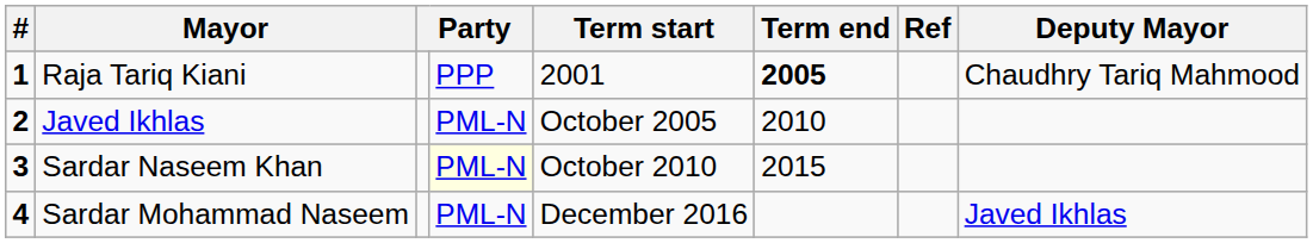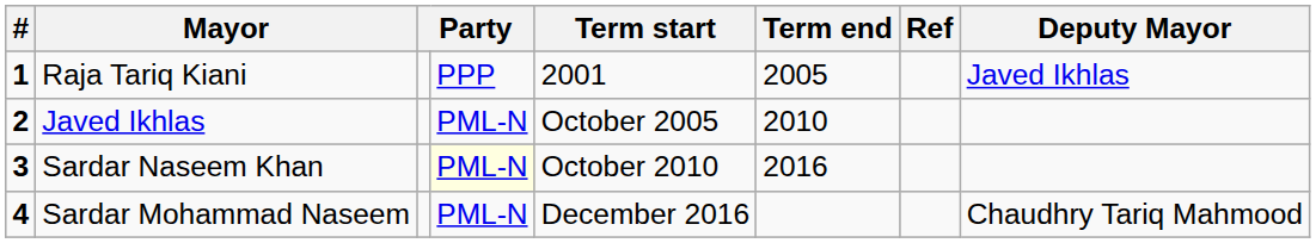 <table class="wikitable">
 <tr>
 <th>#</th>
 <th>Mayor</th>
 <th colspan="2">Party</th>
 <th>Term start</th>
 <th>Term end</th>
 <th>Ref</th>
 <th>Deputy Mayor</th>
 </tr>
 <tr>
 <td><strong>1</strong></td>
 <td>Raja Tariq Kiani</td>
 <td style="background-color: "></td>
 <td><a href='#'>PPP</a></td>
 <td>2001</td>
-<td><strong>2005</strong></td>
+<td>2005</td>
 <td></td>
-<td>Chaudhry Tariq Mahmood</td>
+<td><a href='#'>Javed Ikhlas</a></td>
 </tr>
 <tr>
 <td><strong>2</strong></td>
 <td><a href='#'>Javed Ikhlas</a></td>
 <td style="background-color: "></td>
 <td><a href='#'>PML-N</a></td>
 <td>October 2005</td>
 <td>2010</td>
 <td></td>
 <td></td>
 </tr>
 <tr>
 <td><strong>3</strong></td>
 <td>Sardar Naseem Khan</td>
 <td style="background-color: "></td>
 <td style="background: lightyellow;"><a href='#'>PML-N</a></td>
 <td>October 2010</td>
-<td>2015</td>
+<td>2016</td>
 <td></td>
 <td></td>
 </tr>
 <tr>
 <td><strong>4</strong></td>
 <td>Sardar Mohammad Naseem</td>
 <td style="background-color: "></td>
 <td><a href='#'>PML-N</a></td>
 <td>December 2016</td>
 <td></td>
 <td></td>
-<td><a href='#'>Javed Ikhlas</a></td>
+<td>Chaudhry Tariq Mahmood</td>
 </tr>
 </table>
